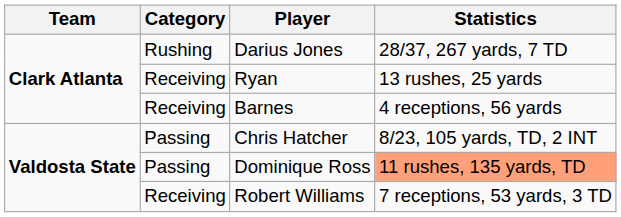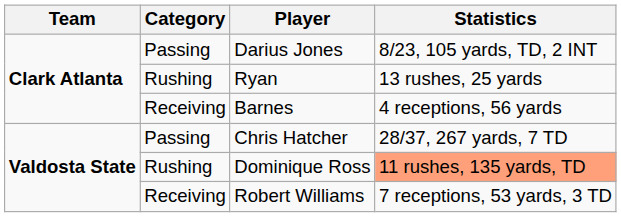 <table class="wikitable" style="float: left;">
 <tr>
 <th>Team</th>
 <th>Category</th>
 <th>Player</th>
 <th>Statistics</th>
 </tr>
 <tr>
 <td rowspan=3><strong>Clark Atlanta</strong></td>
-<td>Rushing</td>
+<td>Passing</td>
 <td>Darius Jones</td>
-<td>28/37, 267 yards, 7 TD</td>
+<td>8/23, 105 yards, TD, 2 INT</td>
 </tr>
 <tr>
-<td>Receiving</td>
+<td>Rushing</td>
 <td>Ryan</td>
 <td>13 rushes, 25 yards</td>
 </tr>
 <tr>
 <td>Receiving</td>
 <td>Barnes</td>
 <td>4 receptions, 56 yards</td>
 </tr>
 <tr>
 <td rowspan=3><strong>Valdosta State</strong></td>
 <td>Passing</td>
 <td>Chris Hatcher</td>
-<td>8/23, 105 yards, TD, 2 INT</td>
+<td>28/37, 267 yards, 7 TD</td>
 </tr>
 <tr>
-<td>Passing</td>
+<td>Rushing</td>
 <td>Dominique Ross</td>
 <td style="background: lightsalmon;">11 rushes, 135 yards, TD</td>
 </tr>
 <tr>
 <td>Receiving</td>
 <td>Robert Williams</td>
 <td>7 receptions, 53 yards, 3 TD</td>
 </tr>
 </table>
